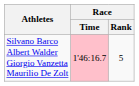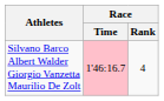 <table class="wikitable" border="1" style="font-size:90%">
 <tr>
 <th rowspan=2>Athletes</th>
 <th colspan=2>Race</th>
 </tr>
 <tr>
 <th>Time</th>
 <th>Rank</th>
 </tr>
 <tr>
 <td><a href='#'>Silvano Barco</a><br><a href='#'>Albert Walder</a><br><a href='#'>Giorgio Vanzetta</a><br><a href='#'>Maurilio De Zolt</a></td>
 <td align=center style="background: pink;">1'46:16.7</td>
-<td align=center>5</td>
+<td align=center>4</td>
 </tr>
 </table>
